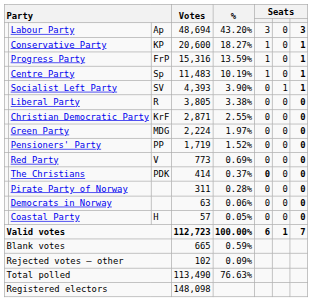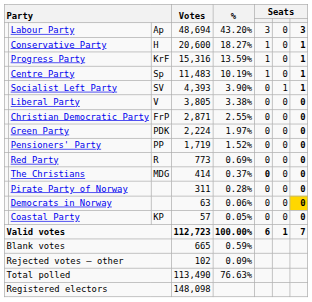 <table class="wikitable" border="1" style="text-align:right;">
 <tr>
 <th style="text-align:left;" valign=bottom rowspan=2 colspan=3>Party</th>
 <th align=center valign=bottom rowspan=2 width="50">Votes</th>
 <th align=center valign=bottom rowspan=2 width="50">%</th>
 <th colspan=3>Seats</th>
 </tr>
 <tr>
 <th align=center valign=bottom width="20"><small></small></th>
 <th align=center valign=bottom width="20"><small><a href='#'></a></small></th>
 <th align=center valign=bottom width="20"><small></small></th>
 </tr>
 <tr>
 <td style="color:inherit;background:"></td>
 <td align=left><a href='#'>Labour Party</a></td>
 <td align=left>Ap</td>
 <td>48,694</td>
 <td>43.20%</td>
 <td>3</td>
 <td>0</td>
 <td><strong>3</strong></td>
 </tr>
 <tr>
 <td style="color:inherit;background:"></td>
 <td align=left><a href='#'>Conservative Party</a></td>
-<td align=left>KP</td>
+<td align=left>H</td>
 <td>20,600</td>
 <td>18.27%</td>
 <td>1</td>
 <td>0</td>
 <td><strong>1</strong></td>
 </tr>
 <tr>
 <td style="color:inherit;background:"></td>
 <td align=left><a href='#'>Progress Party</a></td>
-<td align=left>FrP</td>
+<td align=left>KrF</td>
 <td>15,316</td>
 <td>13.59%</td>
 <td>1</td>
 <td>0</td>
 <td><strong>1</strong></td>
 </tr>
 <tr>
 <td style="color:inherit;background:"></td>
 <td align=left><a href='#'>Centre Party</a></td>
 <td align=left>Sp</td>
 <td>11,483</td>
 <td>10.19%</td>
 <td>1</td>
 <td>0</td>
 <td><strong>1</strong></td>
 </tr>
 <tr>
 <td style="color:inherit;background:"></td>
 <td align=left><a href='#'>Socialist Left Party</a></td>
 <td align=left>SV</td>
 <td>4,393</td>
 <td>3.90%</td>
 <td>0</td>
 <td>1</td>
 <td><strong>1</strong></td>
 </tr>
 <tr>
 <td style="color:inherit;background:"></td>
 <td align=left><a href='#'>Liberal Party</a></td>
-<td align=left>R</td>
+<td align=left>V</td>
 <td>3,805</td>
 <td>3.38%</td>
 <td>0</td>
 <td>0</td>
 <td><strong>0</strong></td>
 </tr>
 <tr>
 <td style="color:inherit;background:"></td>
 <td align=left><a href='#'>Christian Democratic Party</a></td>
-<td align=left>KrF</td>
+<td align=left>FrP</td>
 <td>2,871</td>
 <td>2.55%</td>
 <td>0</td>
 <td>0</td>
 <td><strong>0</strong></td>
 </tr>
 <tr>
 <td style="color:inherit;background:"></td>
 <td align=left><a href='#'>Green Party</a></td>
-<td align=left>MDG</td>
+<td align=left>PDK</td>
 <td>2,224</td>
 <td>1.97%</td>
 <td>0</td>
 <td>0</td>
 <td><strong>0</strong></td>
 </tr>
 <tr>
 <td style="color:inherit;background:"></td>
 <td align=left><a href='#'>Pensioners' Party</a></td>
 <td align=left>PP</td>
 <td>1,719</td>
 <td>1.52%</td>
 <td>0</td>
 <td>0</td>
 <td><strong>0</strong></td>
 </tr>
 <tr>
 <td style="color:inherit;background:"></td>
 <td align=left><a href='#'>Red Party</a></td>
-<td align=left>V</td>
+<td align=left>R</td>
 <td>773</td>
 <td>0.69%</td>
 <td>0</td>
 <td>0</td>
 <td><strong>0</strong></td>
 </tr>
 <tr>
 <td style="color:inherit;background:"></td>
 <td align=left><a href='#'>The Christians</a></td>
-<td align=left>PDK</td>
+<td align=left>MDG</td>
 <td>414</td>
 <td>0.37%</td>
 <td><strong>0</strong></td>
 <td>0</td>
 <td><strong>0</strong></td>
 </tr>
 <tr>
 <td style="color:inherit;background:"></td>
 <td align=left><a href='#'>Pirate Party of Norway</a></td>
 <td align=left></td>
 <td>311</td>
 <td>0.28%</td>
 <td>0</td>
 <td>0</td>
 <td><strong>0</strong></td>
 </tr>
 <tr>
 <td style="color:inherit;background:"></td>
 <td align=left><a href='#'>Democrats in Norway</a></td>
 <td align=left></td>
 <td>63</td>
 <td>0.06%</td>
 <td>0</td>
 <td>0</td>
-<td><strong>0</strong></td>
+<td style="background: gold;"><strong>0</strong></td>
 </tr>
 <tr>
 <td style="color:inherit;background:"></td>
 <td align=left><a href='#'>Coastal Party</a></td>
-<td align=left>H</td>
+<td align=left>KP</td>
 <td>57</td>
 <td>0.05%</td>
 <td>0</td>
 <td>0</td>
 <td><strong>0</strong></td>
 </tr>
 <tr style="font-weight:bold">
 <td align=left colspan=3>Valid votes</td>
 <td>112,723</td>
 <td>100.00%</td>
 <td>6</td>
 <td>1</td>
 <td>7</td>
 </tr>
 <tr>
 <td align=left colspan=3>Blank votes</td>
 <td>665</td>
 <td>0.59%</td>
 <td></td>
 <td></td>
 <td></td>
 </tr>
 <tr>
 <td align=left colspan=3>Rejected votes – other</td>
 <td>102</td>
 <td>0.09%</td>
 <td></td>
 <td></td>
 <td></td>
 </tr>
 <tr>
 <td align=left colspan=3>Total polled</td>
 <td>113,490</td>
 <td>76.63%</td>
 <td></td>
 <td></td>
 <td></td>
 </tr>
 <tr>
 <td align=left colspan=3>Registered electors</td>
 <td>148,098</td>
 <td></td>
 <td></td>
 <td></td>
 <td></td>
 </tr>
 </table>
